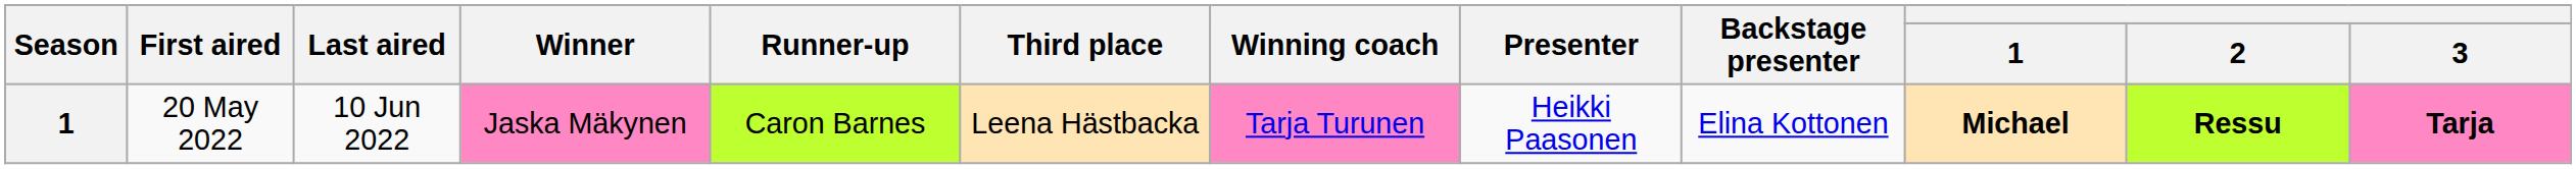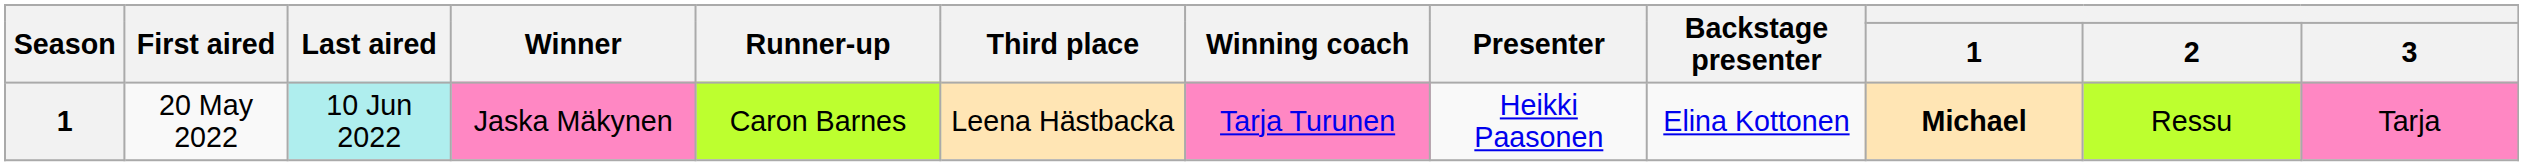 <table class="wikitable" style="text-align:center; font-size:90%; line-height:16px; width:100%">
 <tr>
 <th rowspan="2" scope="col" width="02%">Season</th>
 <th rowspan="2" scope="col" width="06%">First aired</th>
 <th rowspan="2" scope="col" width="06%">Last aired</th>
 <th rowspan="2" scope="col" width="09%">Winner</th>
 <th rowspan="2" scope="col" width="09%">Runner-up</th>
 <th rowspan="2" scope="col" width="09%">Third place</th>
 <th rowspan="2" scope="col" width="09%">Winning coach</th>
 <th rowspan="2" scope="col" width="08%">Presenter</th>
 <th rowspan="2" scope="col" width="08%">Backstage presenter</th>
 <th colspan="3" scope="col"></th>
 </tr>
 <tr>
 <th width="08%">1</th>
 <th width="08%">2</th>
 <th width="08%">3</th>
 </tr>
 <tr>
 <th scope="row">1</th>
 <td>20 May 2022</td>
-<td>10 Jun 2022</td>
+<td style="background: paleturquoise;">10 Jun 2022</td>
 <td style="background:#FF87C3">Jaska Mäkynen</td>
 <td style="background:#bdff2f">Caron Barnes</td>
 <td style="background:#ffe5b4">Leena Hästbacka</td>
 <td style="background:#FF87C3"><a href='#'>Tarja Turunen</a></td>
 <td Rowspan="2"><a href='#'>Heikki Paasonen</a></td>
 <td Rowspan="2"><a href='#'>Elina Kottonen</a></td>
 <td style="background:#ffe5b4" rowspan="1"><strong>Michael</strong></td>
-<td style="background:#bdff2f"><strong>Ressu</strong></td>
-<td style="background:#FF87C3" rowspan="1"><strong>Tarja</strong></td>
+<td style="background:#bdff2f">Ressu</td>
+<td style="background:#FF87C3" rowspan="1">Tarja</td>
 </tr>
 </table>
